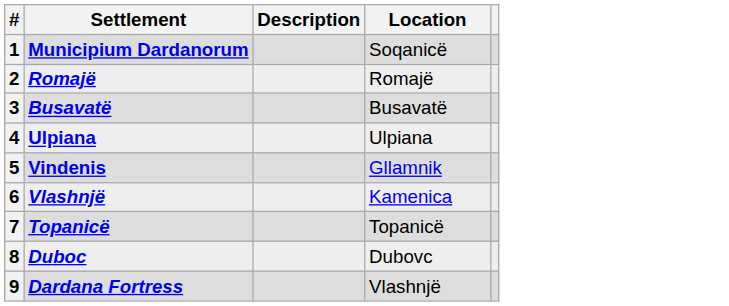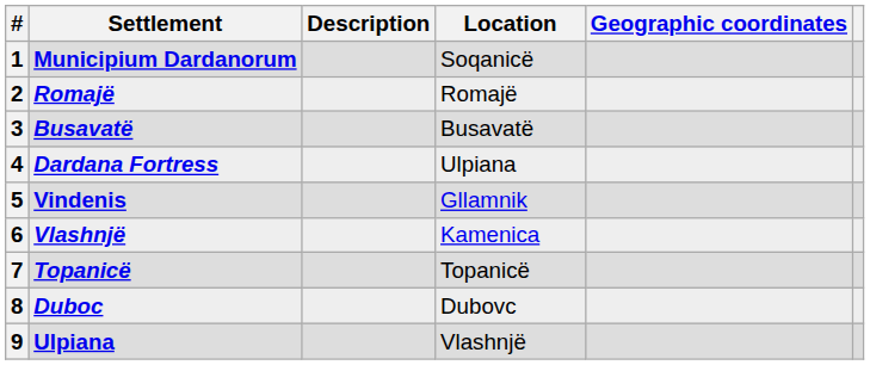 <table class="sortable plainrowheaders wikitable" style="cellspacing=2px; text-align:left; font-size:90%;">
 <tr style="font-size:100%; text-align:right;">
 <th ! scope="col" class="sortable">#</th>
 <th ! scope="col" class="sortable">Settlement</th>
 <th ! scope="col">Description</th>
 <th ! style="width:90px;" scope="col">Location</th>
+<th ! scope="col"><a href='#'>Geographic coordinates</a></th>
 <th ! scope="col"></th>
 </tr>
 <tr style="background:#ddd">
 <th scope="col">1</th>
 <td><strong><a href='#'>Municipium Dardanorum</a></strong></td>
 <td></td>
 <td style=text-align:left>Soqanicë</td>
+<td></td>
 <td align=center></td>
 </tr>
 <tr style="background:#eee">
 <th scope="col">2</th>
 <td><strong><em><a href='#'>Romajë</a></em></strong></td>
 <td></td>
 <td style=text-align:left>Romajë</td>
+<td></td>
 <td align=center></td>
 </tr>
 <tr style="background:#ddd">
 <th scope="col">3</th>
 <td><strong><em><a href='#'>Busavatë</a></em></strong></td>
 <td></td>
 <td style=text-align:left>Busavatë</td>
+<td></td>
 <td align=center></td>
 </tr>
 <tr style="background:#eee">
 <th scope="col">4</th>
-<td><strong><a href='#'>Ulpiana</a></strong></td>
+<td><strong><em><a href='#'>Dardana Fortress</a></em></strong></td>
 <td></td>
 <td style=text-align:left>Ulpiana</td>
+<td></td>
 <td align=center></td>
 </tr>
 <tr style="background:#ddd">
 <th scope="col">5</th>
 <td><strong><a href='#'>Vindenis</a></strong></td>
 <td></td>
 <td style=text-align:left><a href='#'>Gllamnik</a></td>
+<td></td>
 <td align=center></td>
 </tr>
 <tr style="background:#eee">
 <th scope="col">6</th>
 <td><strong><em><a href='#'>Vlashnjë</a></em></strong></td>
 <td></td>
 <td style-text-align:left><a href='#'>Kamenica</a></td>
+<td></td>
 <td align=center></td>
 </tr>
 <tr style="background:#ddd">
 <th scope="col">7</th>
 <td><strong><em><a href='#'>Topanicë</a></em></strong></td>
 <td></td>
 <td style-text-align:left>Topanicë</td>
+<td></td>
 <td align=center></td>
 </tr>
 <tr style="background:#eee">
 <th scope="col">8</th>
 <td><strong><em><a href='#'>Duboc</a></em></strong></td>
 <td></td>
 <td style-text-align:left>Dubovc</td>
+<td></td>
 <td align=center></td>
 </tr>
 <tr style="background:#ddd">
 <th scope="col">9</th>
-<td><strong><em><a href='#'>Dardana Fortress</a></em></strong></td>
+<td><strong><a href='#'>Ulpiana</a></strong></td>
 <td></td>
 <td style=text-aling:left>Vlashnjë</td>
+<td></td>
 <td align=center></td>
 </tr>
 </table>
